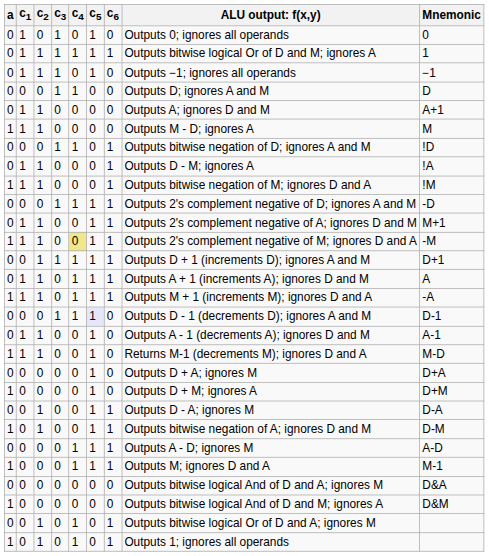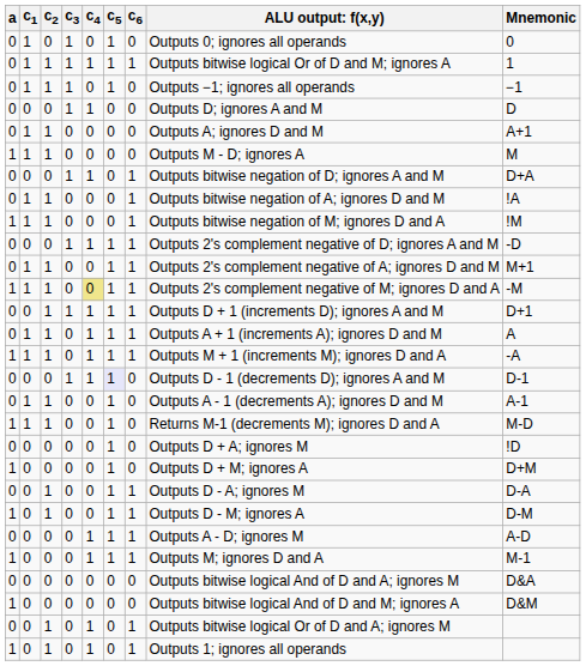 <table class="wikitable">
 <tr>
 <th>a</th>
 <th>c<sub>1</sub></th>
 <th>c<sub>2</sub></th>
 <th>c<sub>3</sub></th>
 <th>c<sub>4</sub></th>
 <th>c<sub>5</sub></th>
 <th>c<sub>6</sub></th>
 <th>ALU output: f(x,y)</th>
 <th>Mnemonic</th>
 </tr>
 <tr>
 <td>0</td>
 <td>1</td>
 <td>0</td>
 <td>1</td>
 <td>0</td>
 <td>1</td>
 <td>0</td>
 <td>Outputs 0; ignores all operands</td>
 <td>0</td>
 </tr>
 <tr>
 <td>0</td>
 <td>1</td>
 <td>1</td>
 <td>1</td>
 <td>1</td>
 <td>1</td>
 <td>1</td>
 <td>Outputs bitwise logical Or of D and M; ignores A</td>
 <td>1</td>
 </tr>
 <tr>
 <td>0</td>
 <td>1</td>
 <td>1</td>
 <td>1</td>
 <td>0</td>
 <td>1</td>
 <td>0</td>
 <td>Outputs −1; ignores all operands</td>
 <td>−1</td>
 </tr>
 <tr>
 <td>0</td>
 <td>0</td>
 <td>0</td>
 <td>1</td>
 <td>1</td>
 <td>0</td>
 <td>0</td>
 <td>Outputs D; ignores A and M</td>
 <td>D</td>
 </tr>
 <tr>
 <td>0</td>
 <td>1</td>
 <td>1</td>
 <td>0</td>
 <td>0</td>
 <td>0</td>
 <td>0</td>
 <td>Outputs A; ignores D and M</td>
 <td>A+1</td>
 </tr>
 <tr>
 <td>1</td>
 <td>1</td>
 <td>1</td>
 <td>0</td>
 <td>0</td>
 <td>0</td>
 <td>0</td>
 <td>Outputs M - D; ignores A</td>
 <td>M</td>
 </tr>
 <tr>
 <td>0</td>
 <td>0</td>
 <td>0</td>
 <td>1</td>
 <td>1</td>
 <td>0</td>
 <td>1</td>
 <td>Outputs bitwise negation of D; ignores A and M</td>
-<td>!D</td>
+<td>D+A</td>
 </tr>
 <tr>
 <td>0</td>
 <td>1</td>
 <td>1</td>
 <td>0</td>
 <td>0</td>
 <td>0</td>
 <td>1</td>
-<td>Outputs D - M; ignores A</td>
+<td>Outputs bitwise negation of A; ignores D and M</td>
 <td>!A</td>
 </tr>
 <tr>
 <td>1</td>
 <td>1</td>
 <td>1</td>
 <td>0</td>
 <td>0</td>
 <td>0</td>
 <td>1</td>
 <td>Outputs bitwise negation of M; ignores D and A</td>
 <td>!M</td>
 </tr>
 <tr>
 <td>0</td>
 <td>0</td>
 <td>0</td>
 <td>1</td>
 <td>1</td>
 <td>1</td>
 <td>1</td>
 <td>Outputs 2's complement negative of D; ignores A and M</td>
 <td>-D</td>
 </tr>
 <tr>
 <td>0</td>
 <td>1</td>
 <td>1</td>
 <td>0</td>
 <td>0</td>
 <td>1</td>
 <td>1</td>
 <td>Outputs 2's complement negative of A; ignores D and M</td>
 <td>M+1</td>
 </tr>
 <tr>
 <td>1</td>
 <td>1</td>
 <td>1</td>
 <td>0</td>
 <td style="background: khaki;">0</td>
 <td>1</td>
 <td>1</td>
 <td>Outputs 2's complement negative of M; ignores D and A</td>
 <td>-M</td>
 </tr>
 <tr>
 <td>0</td>
 <td>0</td>
 <td>1</td>
 <td>1</td>
 <td>1</td>
 <td>1</td>
 <td>1</td>
 <td>Outputs D + 1 (increments D); ignores A and M</td>
 <td>D+1</td>
 </tr>
 <tr>
 <td>0</td>
 <td>1</td>
 <td>1</td>
 <td>0</td>
 <td>1</td>
 <td>1</td>
 <td>1</td>
 <td>Outputs A + 1 (increments A); ignores D and M</td>
 <td>A</td>
 </tr>
 <tr>
 <td>1</td>
 <td>1</td>
 <td>1</td>
 <td>0</td>
 <td>1</td>
 <td>1</td>
 <td>1</td>
 <td>Outputs M + 1 (increments M); ignores D and A</td>
 <td>-A</td>
 </tr>
 <tr>
 <td>0</td>
 <td>0</td>
 <td>0</td>
 <td>1</td>
 <td>1</td>
 <td style="background: lavender;">1</td>
 <td>0</td>
 <td>Outputs D - 1 (decrements D); ignores A and M</td>
 <td>D-1</td>
 </tr>
 <tr>
 <td>0</td>
 <td>1</td>
 <td>1</td>
 <td>0</td>
 <td>0</td>
 <td>1</td>
 <td>0</td>
 <td>Outputs A - 1 (decrements A); ignores D and M</td>
 <td>A-1</td>
 </tr>
 <tr>
 <td>1</td>
 <td>1</td>
 <td>1</td>
 <td>0</td>
 <td>0</td>
 <td>1</td>
 <td>0</td>
 <td>Returns M-1 (decrements M); ignores D and A</td>
 <td>M-D</td>
 </tr>
 <tr>
 <td>0</td>
 <td>0</td>
 <td>0</td>
 <td>0</td>
 <td>0</td>
 <td>1</td>
 <td>0</td>
 <td>Outputs D + A; ignores M</td>
-<td>D+A</td>
+<td>!D</td>
 </tr>
 <tr>
 <td>1</td>
 <td>0</td>
 <td>0</td>
 <td>0</td>
 <td>0</td>
 <td>1</td>
 <td>0</td>
 <td>Outputs D + M; ignores A</td>
 <td>D+M</td>
 </tr>
 <tr>
 <td>0</td>
 <td>0</td>
 <td>1</td>
 <td>0</td>
 <td>0</td>
 <td>1</td>
 <td>1</td>
 <td>Outputs D - A; ignores M</td>
 <td>D-A</td>
 </tr>
 <tr>
 <td>1</td>
 <td>0</td>
 <td>1</td>
 <td>0</td>
 <td>0</td>
 <td>1</td>
 <td>1</td>
-<td>Outputs bitwise negation of A; ignores D and M</td>
+<td>Outputs D - M; ignores A</td>
 <td>D-M</td>
 </tr>
 <tr>
 <td>0</td>
 <td>0</td>
 <td>0</td>
 <td>0</td>
 <td>1</td>
 <td>1</td>
 <td>1</td>
 <td>Outputs A - D; ignores M</td>
 <td>A-D</td>
 </tr>
 <tr>
 <td>1</td>
 <td>0</td>
 <td>0</td>
 <td>0</td>
 <td>1</td>
 <td>1</td>
 <td>1</td>
 <td>Outputs M; ignores D and A</td>
 <td>M-1</td>
 </tr>
 <tr>
 <td>0</td>
 <td>0</td>
 <td>0</td>
 <td>0</td>
 <td>0</td>
 <td>0</td>
 <td>0</td>
 <td>Outputs bitwise logical And of D and A; ignores M</td>
 <td>D&A</td>
 </tr>
 <tr>
 <td>1</td>
 <td>0</td>
 <td>0</td>
 <td>0</td>
 <td>0</td>
 <td>0</td>
 <td>0</td>
 <td>Outputs bitwise logical And of D and M; ignores A</td>
 <td>D&M</td>
 </tr>
 <tr>
 <td>0</td>
 <td>0</td>
 <td>1</td>
 <td>0</td>
 <td>1</td>
 <td>0</td>
 <td>1</td>
 <td>Outputs bitwise logical Or of D and A; ignores M</td>
 <td></td>
 </tr>
 <tr>
 <td>1</td>
 <td>0</td>
 <td>1</td>
 <td>0</td>
 <td>1</td>
 <td>0</td>
 <td>1</td>
 <td>Outputs 1; ignores all operands</td>
 <td></td>
 </tr>
 </table>
